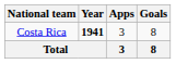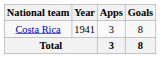 <table class=wikitable style=text-align:center>
 <tr>
 <th>National team</th>
 <th>Year</th>
 <th>Apps</th>
 <th>Goals</th>
 </tr>
 <tr>
 <td rowspan="1"><a href='#'>Costa Rica</a></td>
-<td><strong>1941</strong></td>
+<td>1941</td>
 <td>3</td>
 <td>8</td>
 </tr>
 <tr>
 <th colspan="2">Total</th>
 <th>3</th>
 <th>8</th>
 </tr>
 </table>
